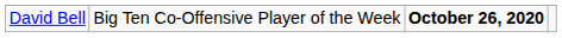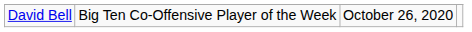 <table class="wikitable sortable sortable" style="text-align: center">
 <tr align=center>
 </tr>
 <tr>
 <td><a href='#'>David Bell</a></td>
 <td>Big Ten Co-Offensive Player of the Week</td>
-<td><strong>October 26, 2020</strong></td>
+<td>October 26, 2020</td>
 <td></td>
 </tr>
 </table>
